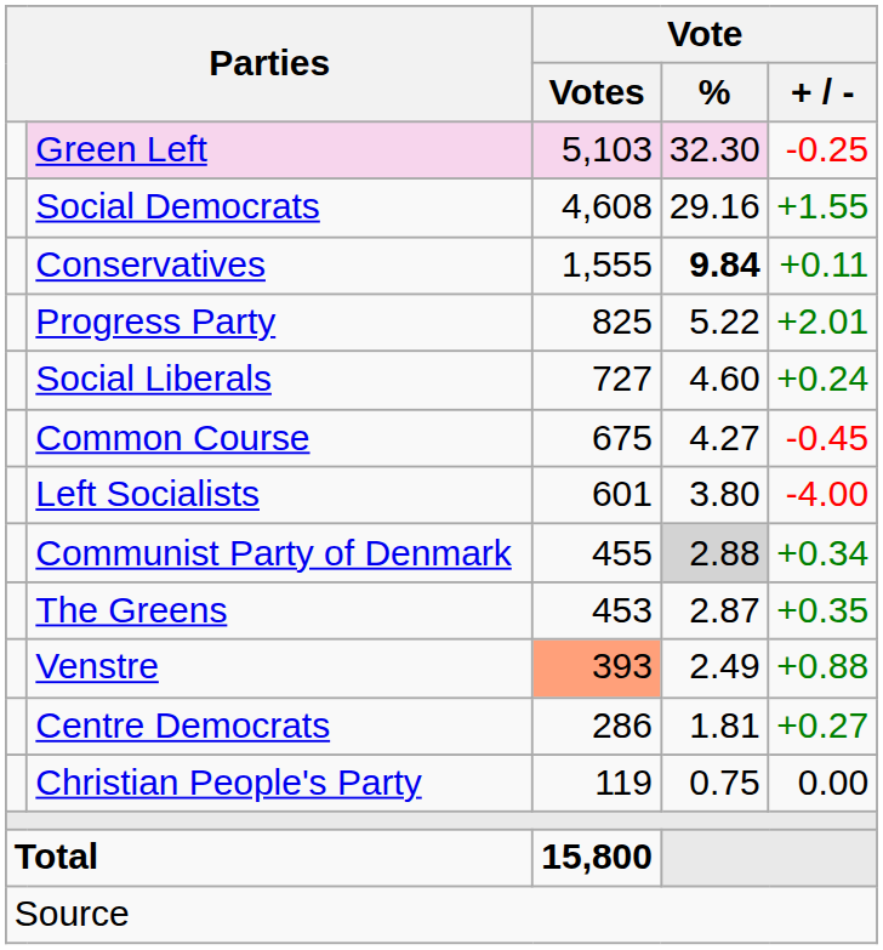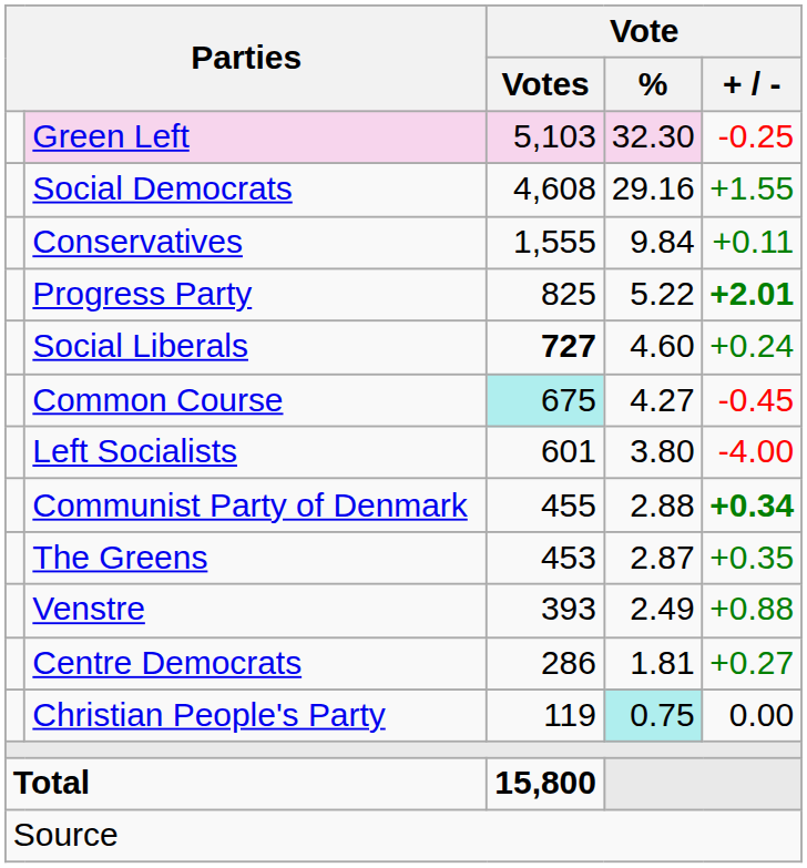 <table class="wikitable" style="text-align:right;">
 <tr>
 <th style="text-align:centre;" rowspan="2" colspan="2" width="225">Parties</th>
 <th colspan="3">Vote</th>
 </tr>
 <tr>
 <th width="15">Votes</th>
 <th width="15">%</th>
 <th width="15">+ / -</th>
 </tr>
 <tr>
 <td width="2" style="color:inherit;background:"></td>
 <td bgcolor=#f7d5ed  align="left"><a href='#'>Green Left</a></td>
 <td bgcolor=#f7d5ed>5,103</td>
 <td bgcolor=#f7d5ed>32.30</td>
 <td style=color:red;>-0.25</td>
 </tr>
 <tr>
 <td width="2" style="color:inherit;background:"></td>
 <td align="left"><a href='#'>Social Democrats</a></td>
 <td>4,608</td>
 <td>29.16</td>
 <td style=color:green;>+1.55</td>
 </tr>
 <tr>
 <td width="2" style="color:inherit;background:"></td>
 <td align="left"><a href='#'>Conservatives</a></td>
 <td>1,555</td>
-<td><strong>9.84</strong></td>
+<td>9.84</td>
 <td style=color:green;>+0.11</td>
 </tr>
 <tr>
 <td width="2" style="color:inherit;background:"></td>
 <td align="left"><a href='#'>Progress Party</a></td>
 <td>825</td>
 <td>5.22</td>
-<td style=color:green;>+2.01</td>
+<td style=color:green;><strong>+2.01</strong></td>
 </tr>
 <tr>
 <td width="2" style="color:inherit;background:"></td>
 <td align="left"><a href='#'>Social Liberals</a></td>
-<td>727</td>
+<td><strong>727</strong></td>
 <td>4.60</td>
 <td style=color:green;>+0.24</td>
 </tr>
 <tr>
 <td width="2" style="color:inherit;background:"></td>
 <td align="left"><a href='#'>Common Course</a></td>
-<td>675</td>
+<td style="background: paleturquoise;">675</td>
 <td>4.27</td>
 <td style=color:red;>-0.45</td>
 </tr>
 <tr>
 <td width="2" style="color:inherit;background:"></td>
 <td align="left"><a href='#'>Left Socialists</a></td>
 <td>601</td>
 <td>3.80</td>
 <td style=color:red;>-4.00</td>
 </tr>
 <tr>
 <td width="2" style="color:inherit;background:"></td>
 <td align="left"><a href='#'>Communist Party of Denmark</a></td>
 <td>455</td>
-<td style="background: lightgrey;">2.88</td>
-<td style=color:green;>+0.34</td>
+<td>2.88</td>
+<td style=color:green;><strong>+0.34</strong></td>
 </tr>
 <tr>
 <td width="2" style="color:inherit;background:"></td>
 <td align="left"><a href='#'>The Greens</a></td>
 <td>453</td>
 <td>2.87</td>
 <td style=color:green;>+0.35</td>
 </tr>
 <tr>
 <td width="2" style="color:inherit;background:"></td>
 <td align="left"><a href='#'>Venstre</a></td>
-<td style="background: lightsalmon;">393</td>
+<td>393</td>
 <td>2.49</td>
 <td style=color:green;>+0.88</td>
 </tr>
 <tr>
 <td width="2" style="color:inherit;background:"></td>
 <td align="left"><a href='#'>Centre Democrats</a></td>
 <td>286</td>
 <td>1.81</td>
 <td style=color:green;>+0.27</td>
 </tr>
 <tr>
 <td width="2" style="color:inherit;background:"></td>
 <td align="left"><a href='#'>Christian People's Party</a></td>
 <td>119</td>
-<td>0.75</td>
+<td style="background: paleturquoise;">0.75</td>
 <td>0.00</td>
 </tr>
 <tr>
 <td colspan="7" bgcolor="#E9E9E9"></td>
 </tr>
 <tr>
 <td align="left" colspan="2"><strong>Total</strong></td>
 <td><strong>15,800</strong></td>
 <td bgcolor="#E9E9E9" colspan="2"></td>
 </tr>
 <tr>
 <td align="left" colspan="6">Source</td>
 </tr>
 </table>
